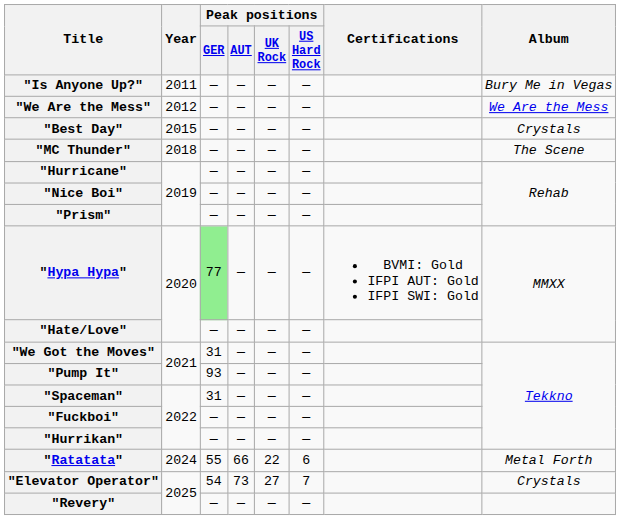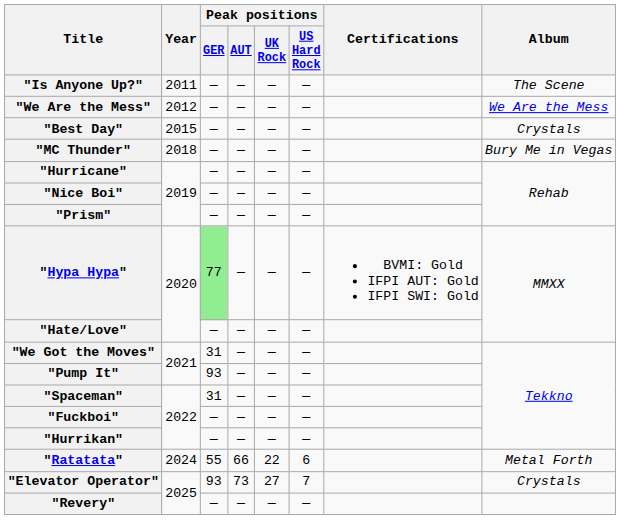 <table class="wikitable plainrowheaders" style="text-align:center;">
 <tr>
 <th scope="col" rowspan="2">Title</th>
 <th scope="col" rowspan="2">Year</th>
 <th scope="col" colspan="4">Peak positions</th>
 <th scope="col" rowspan="2">Certifications</th>
 <th scope="col" rowspan="2">Album</th>
 </tr>
 <tr>
 <th scope="col" style="width=3em; font-size:90%"><a href='#'>GER</a><br></th>
 <th scope="col" style="width=3em; font-size:90%"><a href='#'>AUT</a><br></th>
 <th scope="col" style="width=3em; font-size:90%"><a href='#'>UK<br>Rock</a></th>
 <th scope="col" style="width=3em; font-size:90%"><a href='#'>US<br>Hard<br> Rock</a></th>
 </tr>
 <tr>
 <th scope="row">"Is Anyone Up?"</th>
 <td>2011</td>
 <td>—</td>
 <td>—</td>
 <td>—</td>
 <td>—</td>
 <td></td>
-<td><em>Bury Me in Vegas</em></td>
+<td><em>The Scene</em></td>
 </tr>
 <tr>
 <th scope="row">"We Are the Mess"</th>
 <td>2012</td>
 <td>—</td>
 <td>—</td>
 <td>—</td>
 <td>—</td>
 <td></td>
 <td><em><a href='#'>We Are the Mess</a></em></td>
 </tr>
 <tr>
 <th scope="row">"Best Day"</th>
 <td>2015</td>
 <td>—</td>
 <td>—</td>
 <td>—</td>
 <td>—</td>
 <td></td>
 <td><em>Crystals</em></td>
 </tr>
 <tr>
 <th scope="row">"MC Thunder"</th>
 <td>2018</td>
 <td>—</td>
 <td>—</td>
 <td>—</td>
 <td>—</td>
 <td></td>
-<td><em>The Scene</em></td>
+<td><em>Bury Me in Vegas</em></td>
 </tr>
 <tr>
 <th scope="row">"Hurricane"</th>
 <td rowspan="3">2019</td>
 <td>—</td>
 <td>—</td>
 <td>—</td>
 <td>—</td>
 <td></td>
 <td rowspan="3"><em>Rehab</em></td>
 </tr>
 <tr>
 <th scope="row">"Nice Boi"</th>
 <td>—</td>
 <td>—</td>
 <td>—</td>
 <td>—</td>
 <td></td>
 </tr>
 <tr>
 <th scope="row">"Prism"</th>
 <td>—</td>
 <td>—</td>
 <td>—</td>
 <td>—</td>
 <td></td>
 </tr>
 <tr>
 <th scope="row">"<a href='#'>Hypa Hypa</a>"</th>
 <td rowspan="2">2020</td>
 <td style="background: lightgreen;">77</td>
 <td>—</td>
 <td>—</td>
 <td>—</td>
 <td><br><ul><li>BVMI: Gold</li><li>IFPI AUT: Gold</li><li>IFPI SWI: Gold</li></ul></td>
 <td rowspan="2"><em>MMXX</em></td>
 </tr>
 <tr>
 <th scope="row">"Hate/Love"</th>
 <td>—</td>
 <td>—</td>
 <td>—</td>
 <td>—</td>
 <td></td>
 </tr>
 <tr>
 <th scope="row">"We Got the Moves"</th>
 <td rowspan="2">2021</td>
 <td>31</td>
 <td>—</td>
 <td>—</td>
 <td>—</td>
 <td></td>
 <td rowspan="5"><em><a href='#'>Tekkno</a></em></td>
 </tr>
 <tr>
 <th scope="row">"Pump It"</th>
 <td>93</td>
 <td>—</td>
 <td>—</td>
 <td>—</td>
 <td></td>
 </tr>
 <tr>
 <th scope="row">"Spaceman" </th>
 <td rowspan="3">2022</td>
 <td>31</td>
 <td>—</td>
 <td>—</td>
 <td>—</td>
 <td></td>
 </tr>
 <tr>
 <th scope="row">"Fuckboi" </th>
 <td>—</td>
 <td>—</td>
 <td>—</td>
 <td>—</td>
 <td></td>
 </tr>
 <tr>
 <th scope="row">"Hurrikan"</th>
 <td>—</td>
 <td>—</td>
 <td>—</td>
 <td>—</td>
 <td></td>
 </tr>
 <tr>
 <th scope="row">"<a href='#'>Ratatata</a>" </th>
 <td>2024</td>
 <td>55</td>
 <td>66</td>
 <td>22</td>
 <td>6</td>
 <td></td>
 <td><em>Metal Forth</em></td>
 </tr>
 <tr>
 <th scope="row">"Elevator Operator"</th>
 <td rowspan="2">2025</td>
-<td>54</td>
+<td>93</td>
 <td>73</td>
 <td>27</td>
 <td>7</td>
 <td></td>
 <td><em>Crystals</em></td>
 </tr>
 <tr>
 <th scope="row">"Revery"</th>
 <td>—</td>
 <td>—</td>
 <td>—</td>
 <td>—</td>
 <td></td>
 </tr>
 </table>
